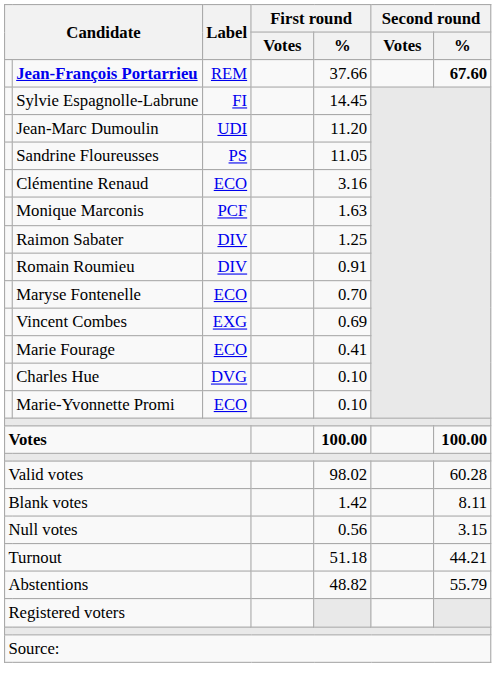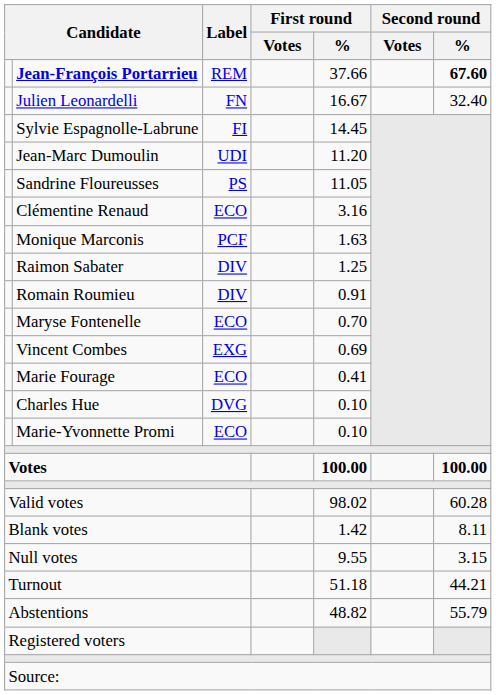 <table class="wikitable" style="text-align:right;font-size:95%;">
 <tr>
 <th rowspan="2" colspan="2">Candidate</th>
 <th rowspan="2">Label</th>
 <th colspan="2">First round</th>
 <th colspan="2">Second round</th>
 </tr>
 <tr>
 <th style="width:50px;">Votes</th>
 <th style="width:45px;">%</th>
 <th style="width:50px;">Votes</th>
 <th style="width:45px;">%</th>
 </tr>
 <tr>
 <td style="color:inherit;background:"></td>
 <td style="text-align:left;"><strong><a href='#'>Jean-François Portarrieu</a></strong></td>
 <td><a href='#'>REM</a></td>
 <td></td>
 <td>37.66</td>
 <td><strong></strong></td>
 <td><strong>67.60</strong></td>
+</tr>
+<tr>
+<td style="color:inherit;background:"></td>
+<td style="text-align:left;"><a href='#'>Julien Leonardelli</a></td>
+<td><a href='#'>FN</a></td>
+<td></td>
+<td>16.67</td>
+<td></td>
+<td>32.40</td>
 </tr>
 <tr>
 <td style="color:inherit;background:"></td>
 <td style="text-align:left;">Sylvie Espagnolle-Labrune</td>
 <td><a href='#'>FI</a></td>
 <td></td>
 <td>14.45</td>
 <td colspan="2" rowspan="12" style="background:#E9E9E9;"></td>
 </tr>
 <tr>
 <td style="color:inherit;background:"></td>
 <td style="text-align:left;">Jean-Marc Dumoulin</td>
 <td><a href='#'>UDI</a></td>
 <td></td>
 <td>11.20</td>
 </tr>
 <tr>
 <td style="color:inherit;background:"></td>
 <td style="text-align:left;">Sandrine Floureusses</td>
 <td><a href='#'>PS</a></td>
 <td></td>
 <td>11.05</td>
 </tr>
 <tr>
 <td style="color:inherit;background:"></td>
 <td style="text-align:left;">Clémentine Renaud</td>
 <td><a href='#'>ECO</a></td>
 <td></td>
 <td>3.16</td>
 </tr>
 <tr>
 <td style="color:inherit;background:"></td>
 <td style="text-align:left;">Monique Marconis</td>
 <td><a href='#'>PCF</a></td>
 <td></td>
 <td>1.63</td>
 </tr>
 <tr>
 <td style="color:inherit;background:"></td>
 <td style="text-align:left;">Raimon Sabater</td>
 <td><a href='#'>DIV</a></td>
 <td></td>
 <td>1.25</td>
 </tr>
 <tr>
 <td style="color:inherit;background:"></td>
 <td style="text-align:left;">Romain Roumieu</td>
 <td><a href='#'>DIV</a></td>
 <td></td>
 <td>0.91</td>
 </tr>
 <tr>
 <td style="color:inherit;background:"></td>
 <td style="text-align:left;">Maryse Fontenelle</td>
 <td><a href='#'>ECO</a></td>
 <td></td>
 <td>0.70</td>
 </tr>
 <tr>
 <td style="color:inherit;background:"></td>
 <td style="text-align:left;">Vincent Combes</td>
 <td><a href='#'>EXG</a></td>
 <td></td>
 <td>0.69</td>
 </tr>
 <tr>
 <td style="color:inherit;background:"></td>
 <td style="text-align:left;">Marie Fourage</td>
 <td><a href='#'>ECO</a></td>
 <td></td>
 <td>0.41</td>
 </tr>
 <tr>
 <td style="color:inherit;background:"></td>
 <td style="text-align:left;">Charles Hue</td>
 <td><a href='#'>DVG</a></td>
 <td></td>
 <td>0.10</td>
 </tr>
 <tr>
 <td style="color:inherit;background:"></td>
 <td style="text-align:left;">Marie-Yvonnette Promi</td>
 <td><a href='#'>ECO</a></td>
 <td></td>
 <td>0.10</td>
 </tr>
 <tr>
 <td colspan="7" style="background:#E9E9E9;"></td>
 </tr>
 <tr style="font-weight:bold;">
 <td colspan="3" style="text-align:left;">Votes</td>
 <td></td>
 <td>100.00</td>
 <td></td>
 <td>100.00</td>
 </tr>
 <tr>
 <td colspan="7" style="background:#E9E9E9;"></td>
 </tr>
 <tr>
 <td colspan="3" style="text-align:left;">Valid votes</td>
 <td></td>
 <td>98.02</td>
 <td></td>
 <td>60.28</td>
 </tr>
 <tr>
 <td colspan="3" style="text-align:left;">Blank votes</td>
 <td></td>
 <td>1.42</td>
 <td></td>
 <td>8.11</td>
 </tr>
 <tr>
 <td colspan="3" style="text-align:left;">Null votes</td>
 <td></td>
-<td>0.56</td>
+<td>9.55</td>
 <td></td>
 <td>3.15</td>
 </tr>
 <tr>
 <td colspan="3" style="text-align:left;">Turnout</td>
 <td></td>
 <td>51.18</td>
 <td></td>
 <td>44.21</td>
 </tr>
 <tr>
 <td colspan="3" style="text-align:left;">Abstentions</td>
 <td></td>
 <td>48.82</td>
 <td></td>
 <td>55.79</td>
 </tr>
 <tr>
 <td colspan="3" style="text-align:left;">Registered voters</td>
 <td></td>
 <td style="color:inherit;background:#E9E9E9;"></td>
 <td></td>
 <td style="color:inherit;background:#E9E9E9;"></td>
 </tr>
 <tr>
 <td colspan="7" style="background:#E9E9E9;"></td>
 </tr>
 <tr>
 <td colspan="7" style="text-align:left;">Source: </td>
 </tr>
 </table>
